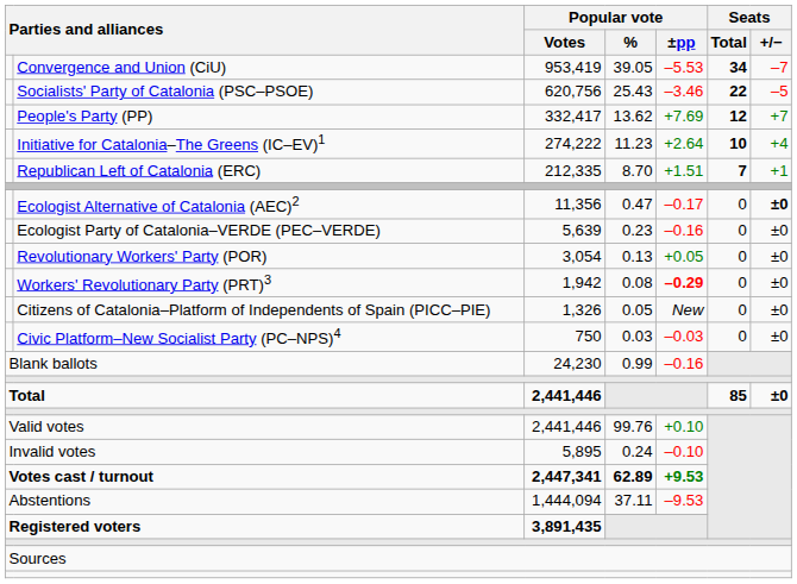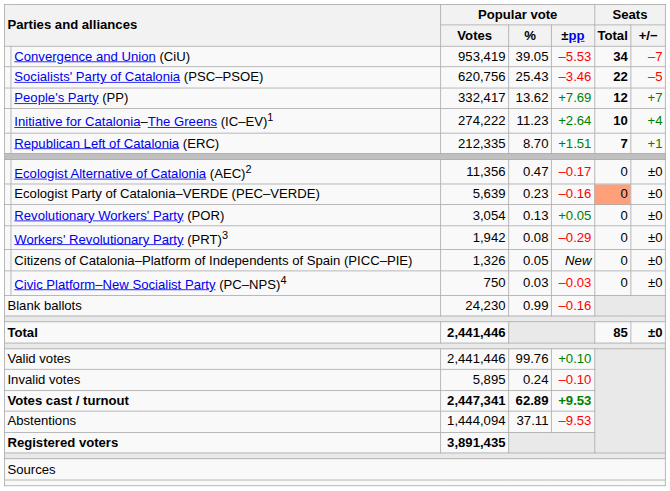 <table class="wikitable" style="text-align:right;">
 <tr>
 <th style="text-align:left;" rowspan="2" colspan="2" width="525">Parties and alliances</th>
 <th colspan="3">Popular vote</th>
 <th colspan="2">Seats</th>
 </tr>
 <tr>
 <th width="75">Votes</th>
 <th width="45">%</th>
 <th width="45">±<a href='#'>pp</a></th>
 <th width="35">Total</th>
 <th width="35">+/−</th>
 </tr>
 <tr>
 <td width="1" style="color:inherit;background:"></td>
 <td align="left"><a href='#'>Convergence and Union</a> (CiU)</td>
 <td>953,419</td>
 <td>39.05</td>
 <td style="color:red;">–5.53</td>
 <td><strong>34</strong></td>
 <td style="color:red;">–7</td>
 </tr>
 <tr>
 <td style="color:inherit;background:"></td>
 <td align="left"><a href='#'>Socialists' Party of Catalonia</a> (PSC–PSOE)</td>
 <td>620,756</td>
 <td>25.43</td>
 <td style="color:red;">–3.46</td>
 <td><strong>22</strong></td>
 <td style="color:red;">–5</td>
 </tr>
 <tr>
 <td style="color:inherit;background:"></td>
 <td align="left"><a href='#'>People's Party</a> (PP)</td>
 <td>332,417</td>
 <td>13.62</td>
 <td style="color:green;">+7.69</td>
 <td><strong>12</strong></td>
 <td style="color:green;">+7</td>
 </tr>
 <tr>
 <td style="color:inherit;background:"></td>
 <td align="left"><a href='#'>Initiative for Catalonia</a>–<a href='#'>The Greens</a> (IC–EV)<sup>1</sup></td>
 <td>274,222</td>
 <td>11.23</td>
 <td style="color:green;">+2.64</td>
 <td><strong>10</strong></td>
 <td style="color:green;">+4</td>
 </tr>
 <tr>
 <td style="color:inherit;background:"></td>
 <td align="left"><a href='#'>Republican Left of Catalonia</a> (ERC)</td>
 <td>212,335</td>
 <td>8.70</td>
 <td style="color:green;">+1.51</td>
 <td><strong>7</strong></td>
 <td style="color:green;">+1</td>
 </tr>
 <tr>
 <td colspan="7" bgcolor="#C0C0C0"></td>
 </tr>
 <tr>
 <td style="color:inherit;background:"></td>
 <td align="left"><a href='#'>Ecologist Alternative of Catalonia</a> (AEC)<sup>2</sup></td>
 <td>11,356</td>
 <td>0.47</td>
 <td style="color:red;">–0.17</td>
 <td>0</td>
-<td><strong>±0</strong></td>
+<td>±0</td>
 </tr>
 <tr>
 <td style="color:inherit;background:"></td>
 <td align="left">Ecologist Party of Catalonia–VERDE (PEC–VERDE)</td>
 <td>5,639</td>
 <td>0.23</td>
 <td style="color:red;">–0.16</td>
-<td>0</td>
+<td style="background: lightsalmon;">0</td>
 <td>±0</td>
 </tr>
 <tr>
 <td style="color:inherit;background:"></td>
 <td align="left"><a href='#'>Revolutionary Workers' Party</a> (POR)</td>
 <td>3,054</td>
 <td>0.13</td>
 <td style="color:green;">+0.05</td>
 <td>0</td>
 <td>±0</td>
 </tr>
 <tr>
 <td style="color:inherit;background:"></td>
 <td align="left"><a href='#'>Workers' Revolutionary Party</a> (PRT)<sup>3</sup></td>
 <td>1,942</td>
 <td>0.08</td>
-<td style="color:red;"><strong>–0.29</strong></td>
+<td style="color:red;">–0.29</td>
 <td>0</td>
 <td>±0</td>
 </tr>
 <tr>
 <td style="color:inherit;background:"></td>
 <td align="left">Citizens of Catalonia–Platform of Independents of Spain (PICC–PIE)</td>
 <td>1,326</td>
 <td>0.05</td>
 <td><em>New</em></td>
 <td>0</td>
 <td>±0</td>
 </tr>
 <tr>
 <td style="color:inherit;background:"></td>
 <td align="left"><a href='#'>Civic Platform–New Socialist Party</a> (PC–NPS)<sup>4</sup></td>
 <td>750</td>
 <td>0.03</td>
 <td style="color:red;">–0.03</td>
 <td>0</td>
 <td>±0</td>
 </tr>
 <tr>
 <td align="left" colspan="2">Blank ballots</td>
 <td>24,230</td>
 <td>0.99</td>
 <td style="color:red;">–0.16</td>
 <td bgcolor="#E9E9E9" colspan="2"></td>
 </tr>
 <tr>
 <td colspan="7" bgcolor="#E9E9E9"></td>
 </tr>
 <tr style="font-weight:bold;">
 <td align="left" colspan="2">Total</td>
 <td>2,441,446</td>
 <td bgcolor="#E9E9E9" colspan="2"></td>
 <td>85</td>
 <td>±0</td>
 </tr>
 <tr>
 <td colspan="7" bgcolor="#E9E9E9"></td>
 </tr>
 <tr>
 <td align="left" colspan="2">Valid votes</td>
 <td>2,441,446</td>
 <td>99.76</td>
 <td style="color:green;">+0.10</td>
 <td bgcolor="#E9E9E9" colspan="2" rowspan="5"></td>
 </tr>
 <tr>
 <td align="left" colspan="2">Invalid votes</td>
 <td>5,895</td>
 <td>0.24</td>
 <td style="color:red;">–0.10</td>
 </tr>
 <tr style="font-weight:bold;">
 <td align="left" colspan="2">Votes cast / turnout</td>
 <td>2,447,341</td>
 <td>62.89</td>
 <td style="color:green;">+9.53</td>
 </tr>
 <tr>
 <td align="left" colspan="2">Abstentions</td>
 <td>1,444,094</td>
 <td>37.11</td>
 <td style="color:red;">–9.53</td>
 </tr>
 <tr style="font-weight:bold;">
 <td align="left" colspan="2">Registered voters</td>
 <td>3,891,435</td>
 <td bgcolor="#E9E9E9" colspan="2"></td>
 </tr>
 <tr>
 <td colspan="7" bgcolor="#E9E9E9"></td>
 </tr>
 <tr>
 <td align="left" colspan="7">Sources</td>
 </tr>
 <tr>
 <td colspan="7" style="text-align:left; max-width:790px;"></td>
 </tr>
 </table>
